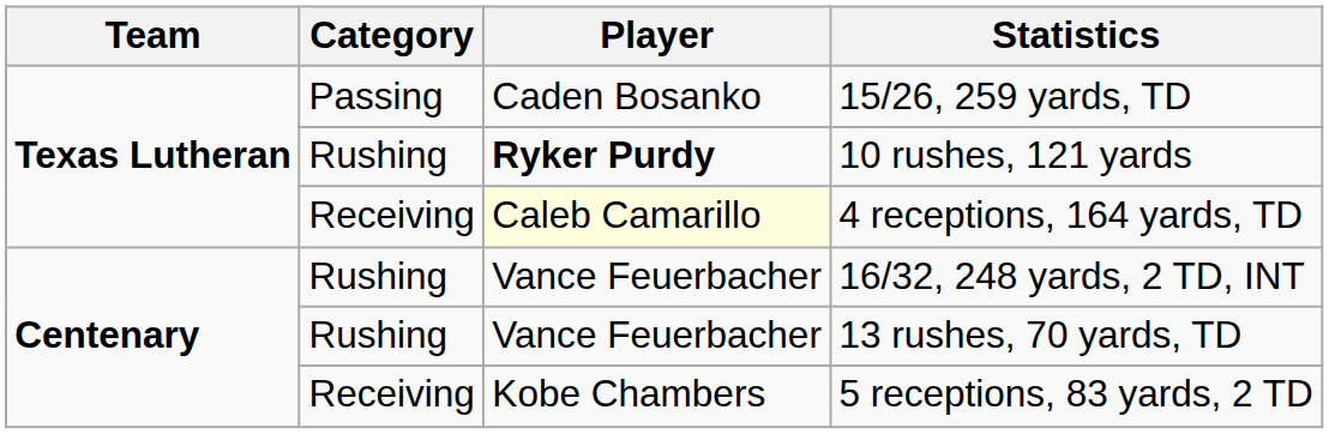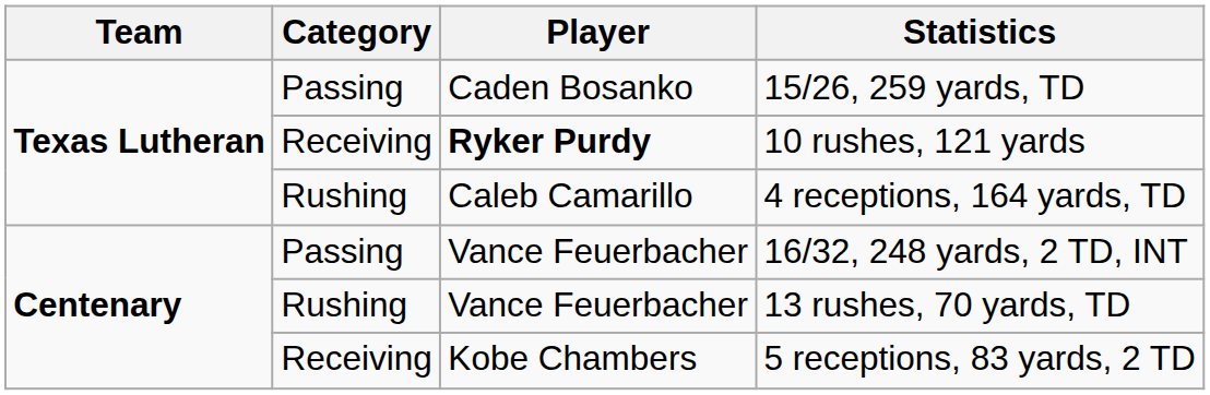 <table class="wikitable" style="float: left;">
 <tr>
 <th>Team</th>
 <th>Category</th>
 <th>Player</th>
 <th>Statistics</th>
 </tr>
 <tr>
 <td rowspan=3><strong>Texas Lutheran</strong></td>
 <td>Passing</td>
 <td>Caden Bosanko</td>
 <td>15/26, 259 yards, TD</td>
 </tr>
 <tr>
-<td>Rushing</td>
+<td>Receiving</td>
 <td><strong>Ryker Purdy</strong></td>
 <td>10 rushes, 121 yards</td>
 </tr>
 <tr>
-<td>Receiving</td>
-<td style="background: lightyellow;">Caleb Camarillo</td>
+<td>Rushing</td>
+<td>Caleb Camarillo</td>
 <td>4 receptions, 164 yards, TD</td>
 </tr>
 <tr>
 <td rowspan=3><strong>Centenary</strong></td>
-<td>Rushing</td>
+<td>Passing</td>
 <td>Vance Feuerbacher</td>
 <td>16/32, 248 yards, 2 TD, INT</td>
 </tr>
 <tr>
 <td>Rushing</td>
 <td>Vance Feuerbacher</td>
 <td>13 rushes, 70 yards, TD</td>
 </tr>
 <tr>
 <td>Receiving</td>
 <td>Kobe Chambers</td>
 <td>5 receptions, 83 yards, 2 TD</td>
 </tr>
 </table>
